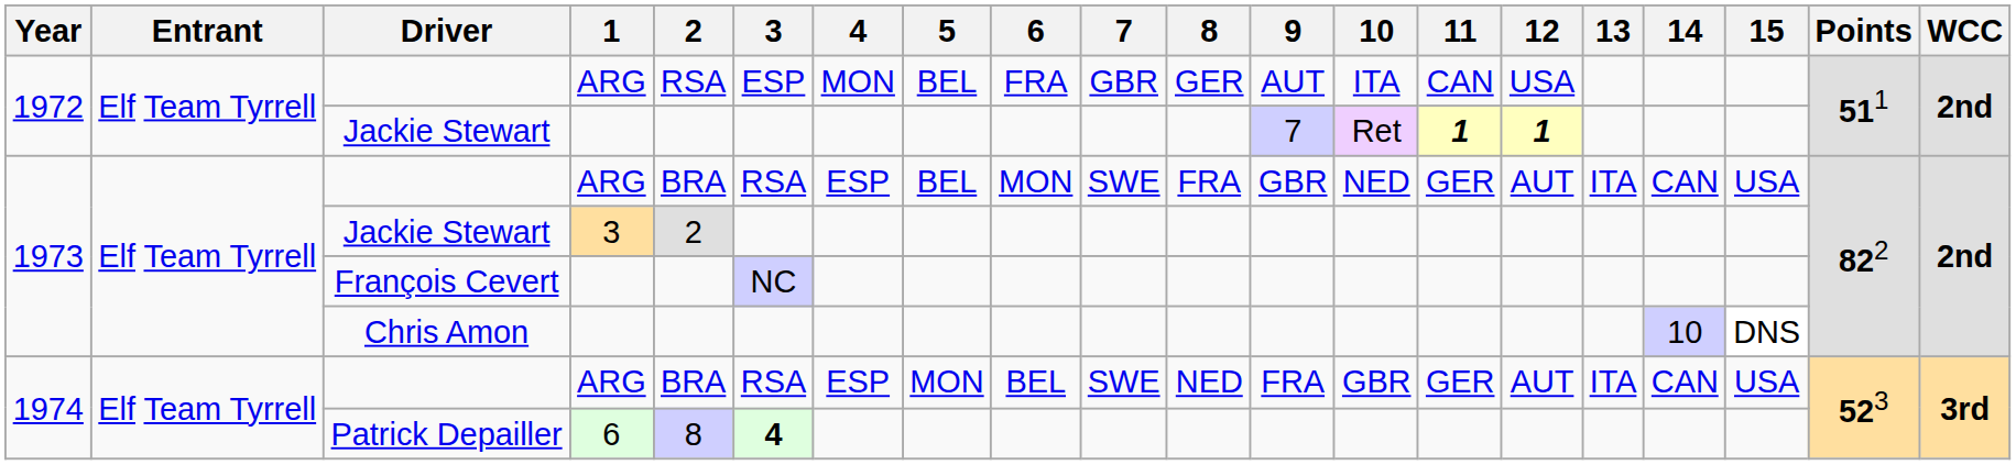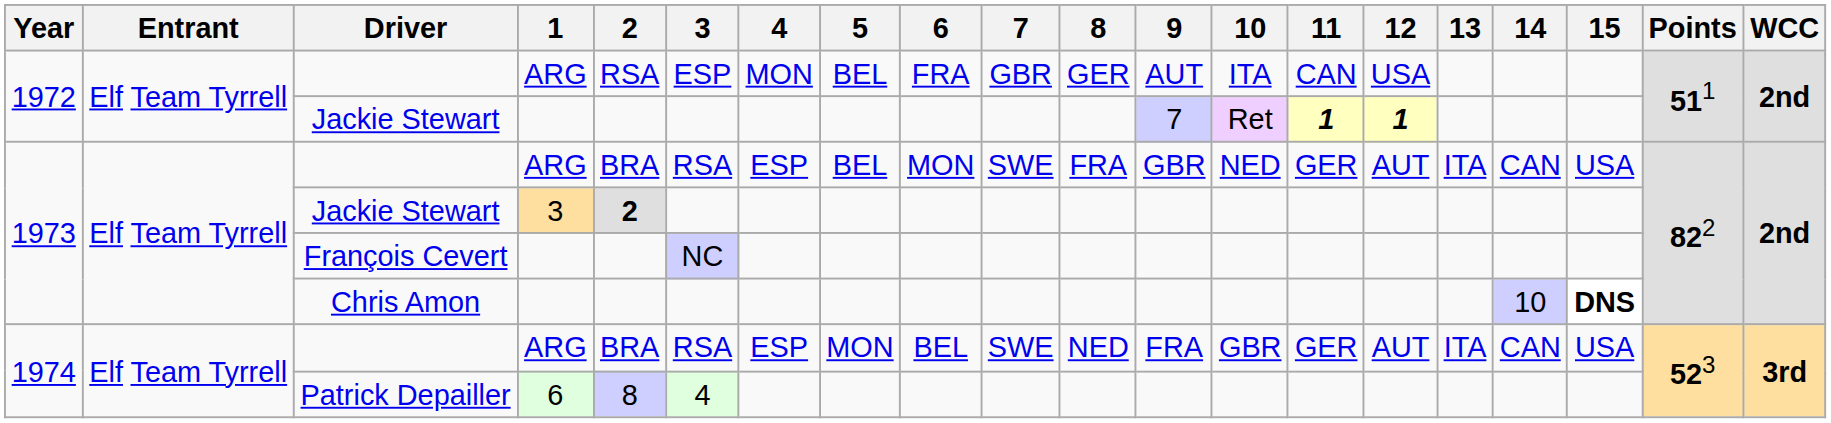 <table class="wikitable" style="text-align:center; font-size:95%">
 <tr>
 <th>Year</th>
 <th>Entrant</th>
 <th>Driver</th>
 <th>1</th>
 <th>2</th>
 <th>3</th>
 <th>4</th>
 <th>5</th>
 <th>6</th>
 <th>7</th>
 <th>8</th>
 <th>9</th>
 <th>10</th>
 <th>11</th>
 <th>12</th>
 <th>13</th>
 <th>14</th>
 <th>15</th>
 <th>Points</th>
 <th>WCC</th>
 </tr>
 <tr>
 <td rowspan="2"><a href='#'>1972</a></td>
 <td rowspan="2"><a href='#'>Elf</a> <a href='#'>Team Tyrrell</a></td>
 <td></td>
 <td><a href='#'>ARG</a></td>
 <td><a href='#'>RSA</a></td>
 <td><a href='#'>ESP</a></td>
 <td><a href='#'>MON</a></td>
 <td><a href='#'>BEL</a></td>
 <td><a href='#'>FRA</a></td>
 <td><a href='#'>GBR</a></td>
 <td><a href='#'>GER</a></td>
 <td><a href='#'>AUT</a></td>
 <td><a href='#'>ITA</a></td>
 <td><a href='#'>CAN</a></td>
 <td><a href='#'>USA</a></td>
 <td></td>
 <td></td>
 <td></td>
 <td rowspan="2" style="background:#dfdfdf;"><strong>51</strong><sup>1</sup></td>
 <td rowspan="2" style="background:#dfdfdf;"><strong>2nd</strong></td>
 </tr>
 <tr>
 <td><a href='#'>Jackie Stewart</a></td>
 <td></td>
 <td></td>
 <td></td>
 <td></td>
 <td></td>
 <td></td>
 <td></td>
 <td></td>
 <td style="background:#cfcfff;">7</td>
 <td style="background:#efcfff;">Ret</td>
 <td style="background:#ffffbf;"><strong><em>1</em></strong></td>
 <td style="background:#ffffbf;"><strong> <em>1</em> </strong></td>
 <td></td>
 <td></td>
 <td></td>
 </tr>
 <tr>
 <td rowspan="4"><a href='#'>1973</a></td>
 <td rowspan="4"><a href='#'>Elf</a> <a href='#'>Team Tyrrell</a></td>
 <td></td>
 <td><a href='#'>ARG</a></td>
 <td><a href='#'>BRA</a></td>
 <td><a href='#'>RSA</a></td>
 <td><a href='#'>ESP</a></td>
 <td><a href='#'>BEL</a></td>
 <td><a href='#'>MON</a></td>
 <td><a href='#'>SWE</a></td>
 <td><a href='#'>FRA</a></td>
 <td><a href='#'>GBR</a></td>
 <td><a href='#'>NED</a></td>
 <td><a href='#'>GER</a></td>
 <td><a href='#'>AUT</a></td>
 <td><a href='#'>ITA</a></td>
 <td><a href='#'>CAN</a></td>
 <td><a href='#'>USA</a></td>
 <td rowspan="4" style="background:#dfdfdf;"><strong>82</strong><sup>2</sup></td>
 <td rowspan="4" style="background:#dfdfdf;"><strong>2nd</strong></td>
 </tr>
 <tr>
 <td><a href='#'>Jackie Stewart</a></td>
 <td style="background:#ffdf9f;">3</td>
-<td style="background:#dfdfdf;">2</td>
+<td style="background:#dfdfdf;"><strong>2</strong></td>
 <td></td>
 <td></td>
 <td></td>
 <td></td>
 <td></td>
 <td></td>
 <td></td>
 <td></td>
 <td></td>
 <td></td>
 <td></td>
 <td></td>
 <td></td>
 </tr>
 <tr>
 <td><a href='#'>François Cevert</a></td>
 <td></td>
 <td></td>
 <td style="background:#cfcfff;">NC</td>
 <td></td>
 <td></td>
 <td></td>
 <td></td>
 <td></td>
 <td></td>
 <td></td>
 <td></td>
 <td></td>
 <td></td>
 <td></td>
 <td></td>
 </tr>
 <tr>
 <td><a href='#'>Chris Amon</a></td>
 <td></td>
 <td></td>
 <td></td>
 <td></td>
 <td></td>
 <td></td>
 <td></td>
 <td></td>
 <td></td>
 <td></td>
 <td></td>
 <td></td>
 <td></td>
 <td style="background:#CFCFFF;">10</td>
-<td style="background:#FFFFFF;">DNS</td>
+<td style="background:#FFFFFF;"><strong>DNS</strong></td>
 </tr>
 <tr>
 <td rowspan="2"><a href='#'>1974</a></td>
 <td rowspan="2"><a href='#'>Elf</a> <a href='#'>Team Tyrrell</a></td>
 <td></td>
 <td><a href='#'>ARG</a></td>
 <td><a href='#'>BRA</a></td>
 <td><a href='#'>RSA</a></td>
 <td><a href='#'>ESP</a></td>
 <td><a href='#'>MON</a></td>
 <td><a href='#'>BEL</a></td>
 <td><a href='#'>SWE</a></td>
 <td><a href='#'>NED</a></td>
 <td><a href='#'>FRA</a></td>
 <td><a href='#'>GBR</a></td>
 <td><a href='#'>GER</a></td>
 <td><a href='#'>AUT</a></td>
 <td><a href='#'>ITA</a></td>
 <td><a href='#'>CAN</a></td>
 <td><a href='#'>USA</a></td>
 <td rowspan="2" style="background:#ffdf9f;"><strong>52</strong><sup>3</sup></td>
 <td rowspan="2" style="background:#ffdf9f;"><strong>3rd</strong></td>
 </tr>
 <tr>
 <td><a href='#'>Patrick Depailler</a></td>
 <td style="background:#dfffdf;">6</td>
 <td style="background:#cfcfff;">8</td>
-<td style="background:#dfffdf;"><strong>4</strong></td>
+<td style="background:#dfffdf;">4</td>
 <td></td>
 <td></td>
 <td></td>
 <td></td>
 <td></td>
 <td></td>
 <td></td>
 <td></td>
 <td></td>
 <td></td>
 <td></td>
 <td></td>
 </tr>
 </table>
